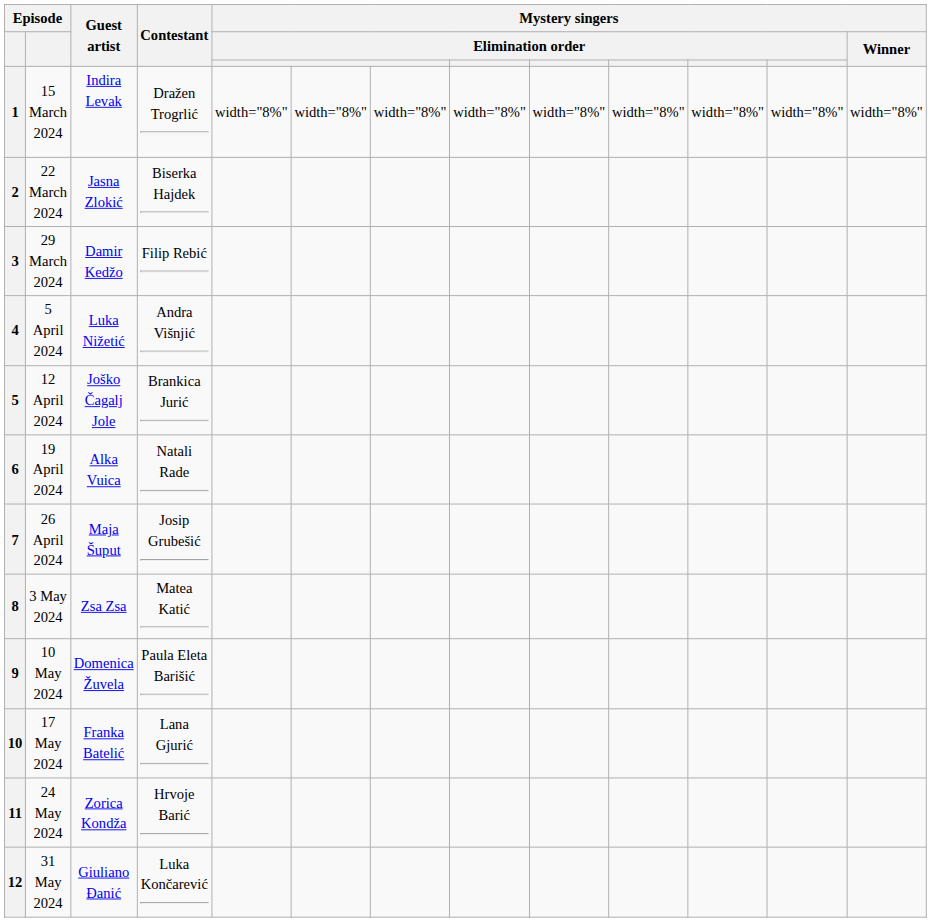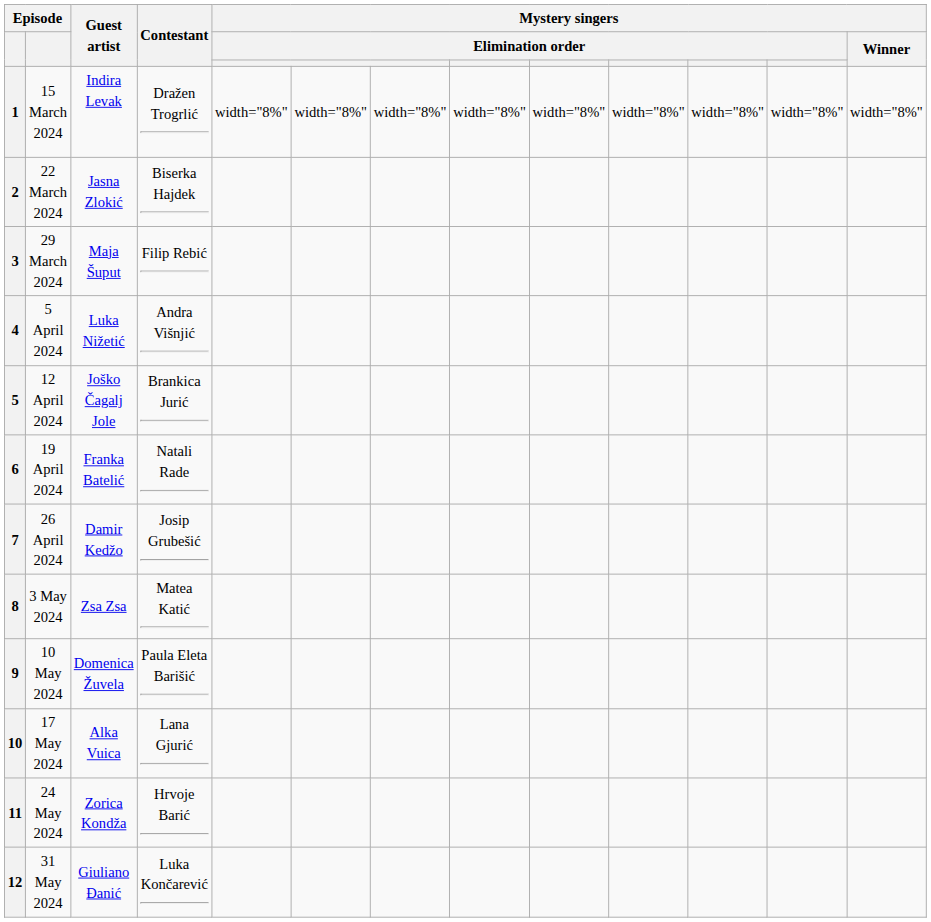 <table class="wikitable plainrowheaders mw-collapsible" style="text-align:center; line-height:23px; width:100%;">
 <tr>
 <th colspan="2" width="1%">Episode</th>
 <th rowspan="3" width="8%">Guest artist</th>
 <th rowspan="3" width="8%">Contestant</th>
 <th colspan="9">Mystery singers<br></th>
 </tr>
 <tr>
 <th rowspan="2"></th>
 <th rowspan="2"></th>
 <th colspan="8">Elimination order</th>
 <th rowspan="2">Winner</th>
 </tr>
 <tr>
 <th colspan="3"></th>
 <th></th>
 <th></th>
 <th></th>
 <th></th>
 <th></th>
 </tr>
 <tr>
 <th>1</th>
 <td>15 March 2024</td>
 <td><a href='#'>Indira Levak</a><br><br><br></td>
 <td>Dražen Trogrlić<hr></td>
 <td>width="8%" </td>
 <td>width="8%" </td>
 <td>width="8%" </td>
 <td>width="8%" </td>
 <td>width="8%" </td>
 <td>width="8%" </td>
 <td>width="8%" </td>
 <td>width="8%" </td>
 <td>width="8%" </td>
 </tr>
 <tr>
 <th>2</th>
 <td>22 March 2024</td>
 <td><a href='#'>Jasna Zlokić</a><br></td>
 <td>Biserka Hajdek<hr></td>
 <td></td>
 <td></td>
 <td></td>
 <td></td>
 <td></td>
 <td></td>
 <td></td>
 <td></td>
 <td></td>
 </tr>
 <tr>
 <th>3</th>
 <td>29 March 2024</td>
-<td><a href='#'>Damir Kedžo</a><br></td>
+<td><a href='#'>Maja Šuput</a><br></td>
 <td>Filip Rebić<hr></td>
 <td></td>
 <td></td>
 <td></td>
 <td></td>
 <td></td>
 <td></td>
 <td></td>
 <td></td>
 <td></td>
 </tr>
 <tr>
 <th>4</th>
 <td>5 April 2024</td>
 <td><a href='#'>Luka Nižetić</a><br></td>
 <td>Andra Višnjić<hr></td>
 <td></td>
 <td></td>
 <td></td>
 <td></td>
 <td></td>
 <td></td>
 <td></td>
 <td></td>
 <td></td>
 </tr>
 <tr>
 <th>5</th>
 <td>12 April 2024</td>
 <td><a href='#'>Joško Čagalj Jole</a><br></td>
 <td>Brankica Jurić<hr></td>
 <td></td>
 <td></td>
 <td></td>
 <td></td>
 <td></td>
 <td></td>
 <td></td>
 <td></td>
 <td></td>
 </tr>
 <tr>
 <th>6</th>
 <td>19 April 2024</td>
-<td><a href='#'>Alka Vuica</a><br></td>
+<td><a href='#'>Franka Batelić</a><br></td>
 <td>Natali Rade<hr></td>
 <td></td>
 <td></td>
 <td></td>
 <td></td>
 <td></td>
 <td></td>
 <td></td>
 <td></td>
 <td></td>
 </tr>
 <tr>
 <th>7</th>
 <td>26 April 2024</td>
-<td><a href='#'>Maja Šuput</a><br></td>
+<td><a href='#'>Damir Kedžo</a><br></td>
 <td>Josip Grubešić<hr></td>
 <td></td>
 <td></td>
 <td></td>
 <td></td>
 <td></td>
 <td></td>
 <td></td>
 <td></td>
 <td></td>
 </tr>
 <tr>
 <th>8</th>
 <td>3 May 2024</td>
 <td><a href='#'>Zsa Zsa</a><br></td>
 <td>Matea Katić<hr></td>
 <td></td>
 <td></td>
 <td></td>
 <td></td>
 <td></td>
 <td></td>
 <td></td>
 <td></td>
 <td></td>
 </tr>
 <tr>
 <th>9</th>
 <td>10 May 2024</td>
 <td><a href='#'>Domenica Žuvela</a><br></td>
 <td>Paula Eleta Barišić<hr></td>
 <td></td>
 <td></td>
 <td></td>
 <td></td>
 <td></td>
 <td></td>
 <td></td>
 <td></td>
 <td></td>
 </tr>
 <tr>
 <th>10</th>
 <td>17 May 2024</td>
-<td><a href='#'>Franka Batelić</a><br></td>
+<td><a href='#'>Alka Vuica</a><br></td>
 <td>Lana Gjurić<hr></td>
 <td></td>
 <td></td>
 <td></td>
 <td></td>
 <td></td>
 <td></td>
 <td></td>
 <td></td>
 <td></td>
 </tr>
 <tr>
 <th>11</th>
 <td>24 May 2024</td>
 <td><a href='#'>Zorica Kondža</a><br></td>
 <td>Hrvoje Barić<hr></td>
 <td></td>
 <td></td>
 <td></td>
 <td></td>
 <td></td>
 <td></td>
 <td></td>
 <td></td>
 <td></td>
 </tr>
 <tr>
 <th>12</th>
 <td>31 May 2024</td>
 <td><a href='#'>Giuliano Đanić</a><br></td>
 <td>Luka Končarević<hr></td>
 <td></td>
 <td></td>
 <td></td>
 <td></td>
 <td></td>
 <td></td>
 <td></td>
 <td></td>
 <td></td>
 </tr>
 </table>
